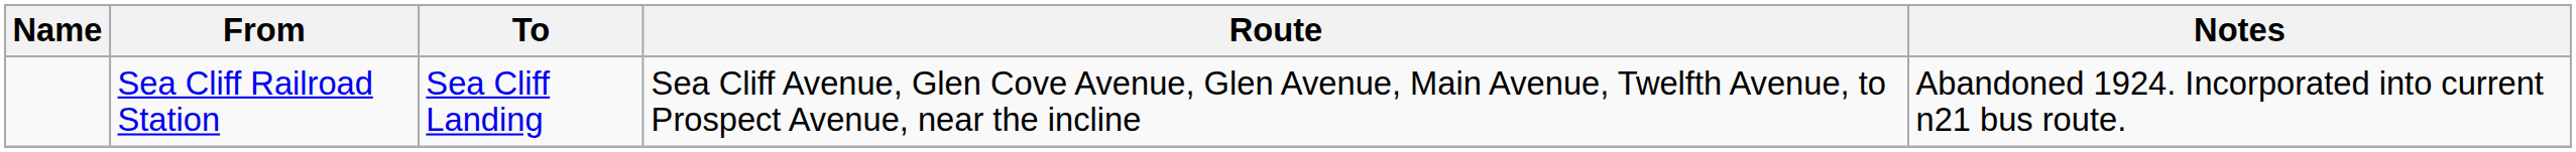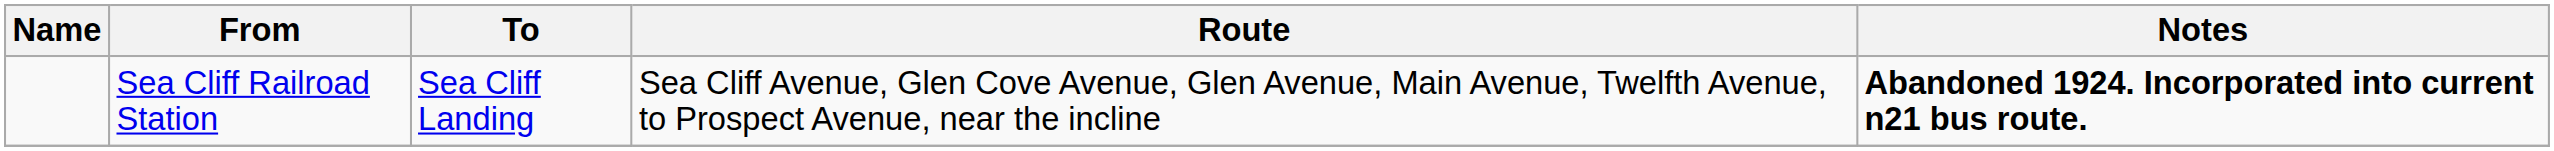 <table class=wikitable>
 <tr>
 <th>Name</th>
 <th>From</th>
 <th>To</th>
 <th>Route</th>
 <th>Notes</th>
 </tr>
 <tr>
 <td></td>
 <td><a href='#'>Sea Cliff Railroad Station</a></td>
 <td><a href='#'>Sea Cliff Landing</a></td>
 <td>Sea Cliff Avenue, Glen Cove Avenue, Glen Avenue, Main Avenue, Twelfth Avenue, to Prospect Avenue, near the incline</td>
-<td>Abandoned 1924. Incorporated into current n21 bus route.</td>
+<td><strong>Abandoned 1924. Incorporated into current n21 bus route.</strong></td>
 </tr>
 <tr>
 </tr>
 </table>
